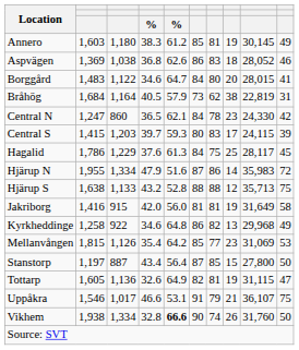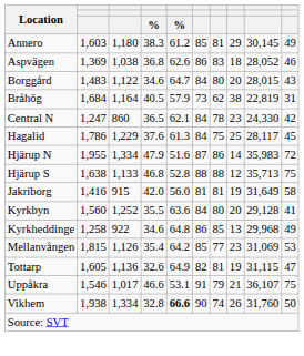 <table role="presentation" class="wikitable sortable mw-collapsible">
 <tr>
 <th rowspan="3">Location</th>
 <th></th>
 <th></th>
 <th></th>
 <th></th>
 <th></th>
 <th></th>
 <th></th>
 <th></th>
 <th></th>
 </tr>
 <tr>
 <th></th>
 <th></th>
 <th style="background:"></th>
 <th style="background:"></th>
 <th></th>
 <th></th>
 <th></th>
 <th></th>
 <th></th>
 </tr>
 <tr>
 <th data-sort-type="number"></th>
 <th data-sort-type="number"></th>
 <th data-sort-type="number">%</th>
 <th data-sort-type="number">%</th>
 <th data-sort-type="number"></th>
 <th data-sort-type="number"></th>
 <th data-sort-type="number"></th>
 <th data-sort-type="number"></th>
 <th data-sort-type="number"></th>
 </tr>
 <tr>
 <td align="left">Annero</td>
 <td>1,603</td>
 <td>1,180</td>
 <td>38.3</td>
 <td>61.2</td>
 <td>85</td>
 <td>81</td>
-<td>19</td>
+<td>29</td>
 <td>30,145</td>
 <td>49</td>
 </tr>
 <tr>
 <td align="left">Aspvägen</td>
 <td>1,369</td>
 <td>1,038</td>
 <td>36.8</td>
 <td>62.6</td>
 <td>86</td>
 <td>83</td>
 <td>18</td>
 <td>28,052</td>
 <td>46</td>
 </tr>
 <tr>
 <td align="left">Borggård</td>
 <td>1,483</td>
 <td>1,122</td>
 <td>34.6</td>
 <td>64.7</td>
 <td>84</td>
 <td>80</td>
 <td>20</td>
 <td>28,015</td>
-<td>41</td>
+<td>43</td>
 </tr>
 <tr>
 <td align="left">Bråhög</td>
 <td>1,684</td>
 <td>1,164</td>
 <td>40.5</td>
 <td>57.9</td>
 <td>73</td>
 <td>62</td>
 <td>38</td>
 <td>22,819</td>
 <td>31</td>
 </tr>
 <tr>
 <td align="left">Central N</td>
 <td>1,247</td>
 <td>860</td>
 <td>36.5</td>
 <td>62.1</td>
 <td>84</td>
 <td>78</td>
 <td>23</td>
 <td>24,330</td>
 <td>42</td>
-</tr>
-<tr>
-<td align="left">Central S</td>
-<td>1,415</td>
-<td>1,203</td>
-<td>39.7</td>
-<td>59.3</td>
-<td>80</td>
-<td>83</td>
-<td>17</td>
-<td>24,115</td>
-<td>39</td>
 </tr>
 <tr>
 <td align="left">Hagalid</td>
 <td>1,786</td>
 <td>1,229</td>
 <td>37.6</td>
 <td>61.3</td>
 <td>84</td>
 <td>75</td>
 <td>25</td>
 <td>28,117</td>
 <td>45</td>
 </tr>
 <tr>
 <td align="left">Hjärup N</td>
 <td>1,955</td>
 <td>1,334</td>
 <td>47.9</td>
 <td>51.6</td>
 <td>87</td>
 <td>86</td>
 <td>14</td>
 <td>35,983</td>
 <td>72</td>
 </tr>
 <tr>
 <td align="left">Hjärup S</td>
 <td>1,638</td>
 <td>1,133</td>
-<td>43.2</td>
+<td>46.8</td>
 <td>52.8</td>
 <td>88</td>
 <td>88</td>
 <td>12</td>
 <td>35,713</td>
 <td>75</td>
 </tr>
 <tr>
 <td align="left">Jakriborg</td>
 <td>1,416</td>
 <td>915</td>
 <td>42.0</td>
 <td>56.0</td>
 <td>81</td>
 <td>81</td>
 <td>19</td>
 <td>31,649</td>
 <td>58</td>
 </tr>
 <tr>
+<td align="left">Kyrkbyn</td>
+<td>1,560</td>
+<td>1,252</td>
+<td>35.5</td>
+<td>63.6</td>
+<td>84</td>
+<td>80</td>
+<td>20</td>
+<td>29,128</td>
+<td>41</td>
+</tr>
+<tr>
 <td align="left">Kyrkheddinge</td>
 <td>1,258</td>
 <td>922</td>
 <td>34.6</td>
 <td>64.8</td>
 <td>86</td>
-<td>82</td>
+<td>85</td>
 <td>13</td>
 <td>29,968</td>
 <td>49</td>
 </tr>
 <tr>
 <td align="left">Mellanvången</td>
 <td>1,815</td>
 <td>1,126</td>
 <td>35.4</td>
 <td>64.2</td>
 <td>85</td>
 <td>77</td>
 <td>23</td>
 <td>31,069</td>
 <td>53</td>
-</tr>
-<tr>
-<td align="left">Stanstorp</td>
-<td>1,197</td>
-<td>887</td>
-<td>43.4</td>
-<td>56.4</td>
-<td>87</td>
-<td>85</td>
-<td>15</td>
-<td>27,800</td>
-<td>50</td>
 </tr>
 <tr>
 <td align="left">Tottarp</td>
 <td>1,605</td>
 <td>1,136</td>
 <td>32.6</td>
 <td>64.9</td>
 <td>82</td>
 <td>81</td>
 <td>19</td>
 <td>31,115</td>
 <td>47</td>
 </tr>
 <tr>
 <td align="left">Uppåkra</td>
 <td>1,546</td>
 <td>1,017</td>
 <td>46.6</td>
 <td>53.1</td>
 <td>91</td>
 <td>79</td>
 <td>21</td>
 <td>36,107</td>
 <td>75</td>
 </tr>
 <tr>
 <td align="left">Vikhem</td>
 <td>1,938</td>
 <td>1,334</td>
 <td>32.8</td>
 <td><strong>66.6</strong></td>
 <td>90</td>
 <td>74</td>
 <td>26</td>
 <td>31,760</td>
 <td>50</td>
 </tr>
 <tr>
 <td colspan="10" align="left">Source: <a href='#'>SVT</a></td>
 </tr>
 </table>
